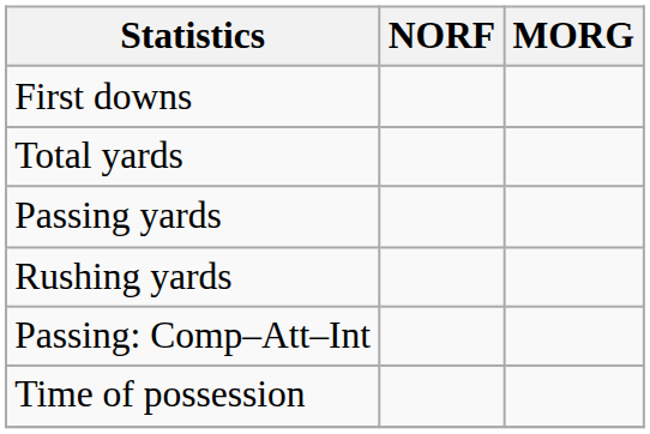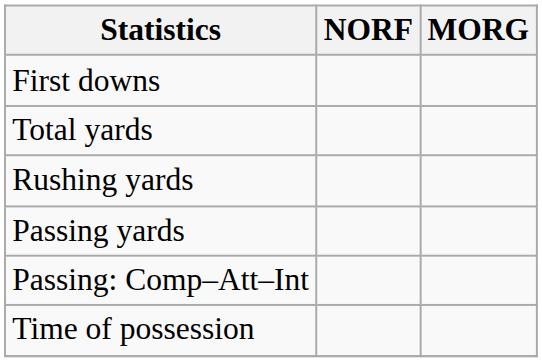 <table class="wikitable" style="float: left;">
 <tr>
 <th>Statistics</th>
 <th>NORF</th>
 <th>MORG</th>
 </tr>
 <tr>
 <td>First downs</td>
 <td></td>
 <td></td>
 </tr>
 <tr>
 <td>Total yards</td>
 <td></td>
 <td></td>
 </tr>
 <tr>
-<td>Passing yards</td>
+<td>Rushing yards</td>
 <td></td>
 <td></td>
 </tr>
 <tr>
-<td>Rushing yards</td>
+<td>Passing yards</td>
 <td></td>
 <td></td>
 </tr>
 <tr>
 <td>Passing: Comp–Att–Int</td>
 <td></td>
 <td></td>
 </tr>
 <tr>
 <td>Time of possession</td>
 <td></td>
 <td></td>
 </tr>
 <tr>
 </tr>
 </table>
